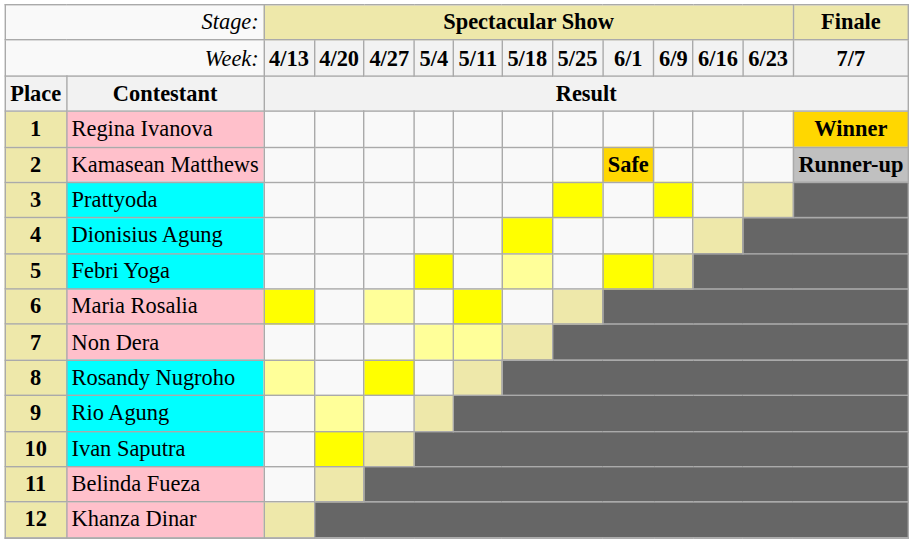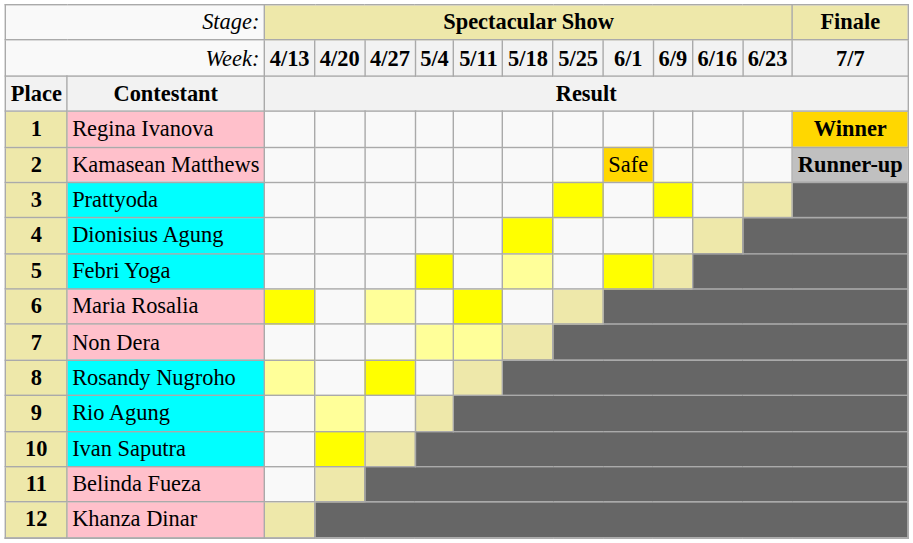 <table class="wikitable" style="margin: 1em auto;">
 <tr>
 <td colspan="2" align="right"><em>Stage:</em></td>
 <td colspan="11" bgcolor="palegoldenrod" align="Center"><strong>Spectacular Show</strong></td>
 <td bgcolor="palegoldenrod" align="Center"><strong>Finale</strong></td>
 </tr>
 <tr>
 <td colspan="2" align="right"><em>Week:</em></td>
 <th>4/13</th>
 <th>4/20</th>
 <th>4/27</th>
 <th>5/4</th>
 <th>5/11</th>
 <th>5/18</th>
 <th>5/25</th>
 <th>6/1</th>
 <th>6/9</th>
 <th>6/16</th>
 <th>6/23</th>
 <th>7/7</th>
 </tr>
 <tr>
 <th>Place</th>
 <th>Contestant</th>
 <th colspan="12" align="center">Result</th>
 </tr>
 <tr>
 <td align="center" bgcolor="palegoldenrod"><strong>1</strong></td>
 <td bgcolor="pink">Regina Ivanova</td>
 <td></td>
 <td></td>
 <td></td>
 <td></td>
 <td></td>
 <td></td>
 <td></td>
 <td></td>
 <td></td>
 <td></td>
 <td></td>
 <td align="center" bgcolor="gold"><strong>Winner</strong></td>
 </tr>
 <tr>
 <td align="center" bgcolor="palegoldenrod"><strong>2</strong></td>
 <td bgcolor="pink">Kamasean Matthews</td>
 <td></td>
 <td></td>
 <td></td>
 <td></td>
 <td></td>
 <td></td>
 <td></td>
-<td bgcolor="gold" align="center"><strong>Safe</strong></td>
+<td bgcolor="gold" align="center">Safe</td>
 <td></td>
 <td></td>
 <td></td>
 <td align="center" bgcolor="silver"><strong>Runner-up</strong></td>
 </tr>
 <tr>
 <td align="center" bgcolor="palegoldenrod"><strong>3</strong></td>
 <td bgcolor="cyan">Prattyoda</td>
 <td></td>
 <td></td>
 <td></td>
 <td></td>
 <td></td>
 <td></td>
 <td bgcolor="FFFF00" align="center"></td>
 <td></td>
 <td bgcolor="FFFF00" align="center"></td>
 <td></td>
 <td bgcolor="palegoldenrod" align="center"></td>
 <td colspan="1" bgcolor="666666"></td>
 </tr>
 <tr>
 <td align="center" bgcolor="palegoldenrod"><strong>4</strong></td>
 <td bgcolor="cyan">Dionisius Agung</td>
 <td></td>
 <td></td>
 <td></td>
 <td></td>
 <td></td>
 <td bgcolor="FFFF00" align="center"></td>
 <td></td>
 <td></td>
 <td></td>
 <td bgcolor="palegoldenrod" align="center"></td>
 <td colspan="2" bgcolor="666666"></td>
 </tr>
 <tr>
 <td align="center" bgcolor="palegoldenrod"><strong>5</strong></td>
 <td bgcolor="cyan">Febri Yoga</td>
 <td></td>
 <td></td>
 <td></td>
 <td bgcolor="FFFF00" align="center"></td>
 <td></td>
 <td bgcolor="FFFF99" align="center"></td>
 <td></td>
 <td bgcolor="FFFF00" align="center"></td>
 <td bgcolor="palegoldenrod" align="center"></td>
 <td colspan="3" bgcolor="666666"></td>
 </tr>
 <tr>
 <td align="center" bgcolor="palegoldenrod"><strong>6</strong></td>
 <td bgcolor="pink">Maria Rosalia</td>
 <td bgcolor="FFFF00" align="center"></td>
 <td></td>
 <td bgcolor="FFFF99" align="center"></td>
 <td></td>
 <td bgcolor="FFFF00" align="center"></td>
 <td></td>
 <td bgcolor="palegoldenrod" align="center"></td>
 <td colspan="5" bgcolor="666666"></td>
 </tr>
 <tr>
 <td align="center" bgcolor="palegoldenrod"><strong>7</strong></td>
 <td bgcolor="pink">Non Dera</td>
 <td></td>
 <td></td>
 <td></td>
 <td bgcolor="FFFF99" align="center"></td>
 <td bgcolor="FFFF99" align="center"></td>
 <td bgcolor="palegoldenrod" align="center"></td>
 <td colspan="6" bgcolor="666666"></td>
 </tr>
 <tr>
 <td align="center" bgcolor="palegoldenrod"><strong>8</strong></td>
 <td bgcolor="cyan">Rosandy Nugroho</td>
 <td bgcolor="FFFF99" align="center"></td>
 <td></td>
 <td bgcolor="FFFF00" align="center"></td>
 <td></td>
 <td bgcolor="palegoldenrod" align="center"></td>
 <td colspan="7" bgcolor="666666"></td>
 </tr>
 <tr>
 <td align="center" bgcolor="palegoldenrod"><strong>9</strong></td>
 <td bgcolor="cyan">Rio Agung</td>
 <td></td>
 <td bgcolor="FFFF99" align="center"></td>
 <td></td>
 <td bgcolor="palegoldenrod" align="center"></td>
 <td colspan="8" bgcolor="666666"></td>
 </tr>
 <tr>
 <td align="center" bgcolor="palegoldenrod"><strong>10</strong></td>
 <td bgcolor="cyan">Ivan Saputra</td>
 <td></td>
 <td bgcolor="FFFF00" align="center"></td>
 <td bgcolor="palegoldenrod" align="center"></td>
 <td colspan="9" bgcolor="666666"></td>
 </tr>
 <tr>
 <td align="center" bgcolor="palegoldenrod"><strong>11</strong></td>
 <td bgcolor="pink">Belinda Fueza</td>
 <td></td>
 <td bgcolor="palegoldenrod" align="center"></td>
 <td colspan="10" bgcolor="666666"></td>
 </tr>
 <tr>
 <td align="center" bgcolor="palegoldenrod"><strong>12</strong></td>
 <td bgcolor="pink">Khanza Dinar</td>
 <td bgcolor="palegoldenrod" align="center"></td>
 <td colspan="11" bgcolor="666666"></td>
 </tr>
 <tr>
 </tr>
 </table>
